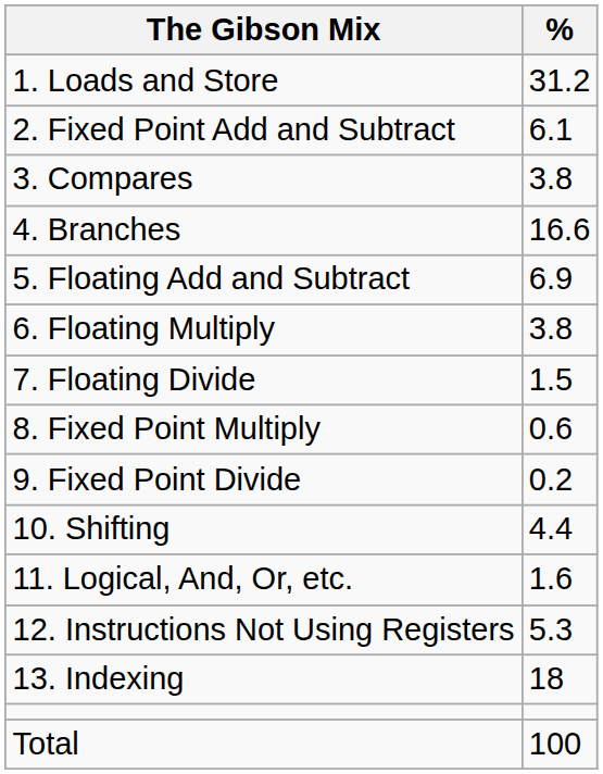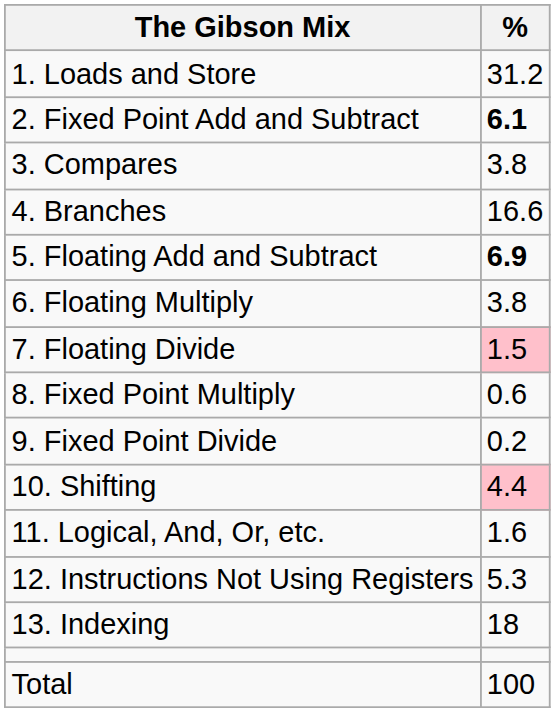 <table class="wikitable collapsible collapsed sortable">
 <tr>
 <th>The Gibson Mix</th>
 <th>%</th>
 </tr>
 <tr>
 <td>1. Loads and Store</td>
 <td>31.2</td>
 </tr>
 <tr>
 <td>2. Fixed Point Add and Subtract</td>
-<td>6.1</td>
+<td><strong>6.1</strong></td>
 </tr>
 <tr>
 <td>3. Compares</td>
 <td>3.8</td>
 </tr>
 <tr>
 <td>4. Branches</td>
 <td>16.6</td>
 </tr>
 <tr>
 <td>5. Floating Add and Subtract</td>
-<td>6.9</td>
+<td><strong>6.9</strong></td>
 </tr>
 <tr>
 <td>6. Floating Multiply</td>
 <td>3.8</td>
 </tr>
 <tr>
 <td>7. Floating Divide</td>
-<td>1.5</td>
+<td style="background: pink;">1.5</td>
 </tr>
 <tr>
 <td>8. Fixed Point Multiply</td>
 <td>0.6</td>
 </tr>
 <tr>
 <td>9. Fixed Point Divide</td>
 <td>0.2</td>
 </tr>
 <tr>
 <td>10. Shifting</td>
-<td>4.4</td>
+<td style="background: pink;">4.4</td>
 </tr>
 <tr>
 <td>11. Logical, And, Or, etc.</td>
 <td>1.6</td>
 </tr>
 <tr>
 <td>12. Instructions Not Using Registers</td>
 <td>5.3</td>
 </tr>
 <tr>
 <td>13. Indexing</td>
 <td>18</td>
 </tr>
 <tr>
 <td></td>
 <td></td>
 </tr>
 <tr>
 <td>Total</td>
 <td>100</td>
 </tr>
 </table>
